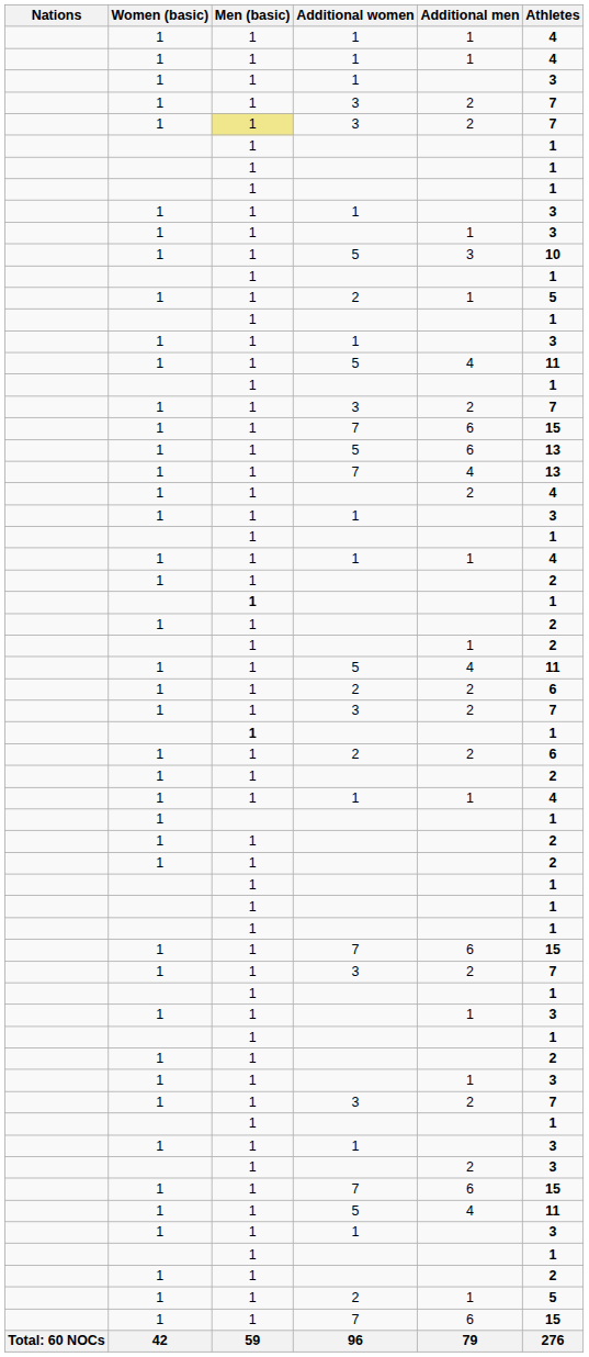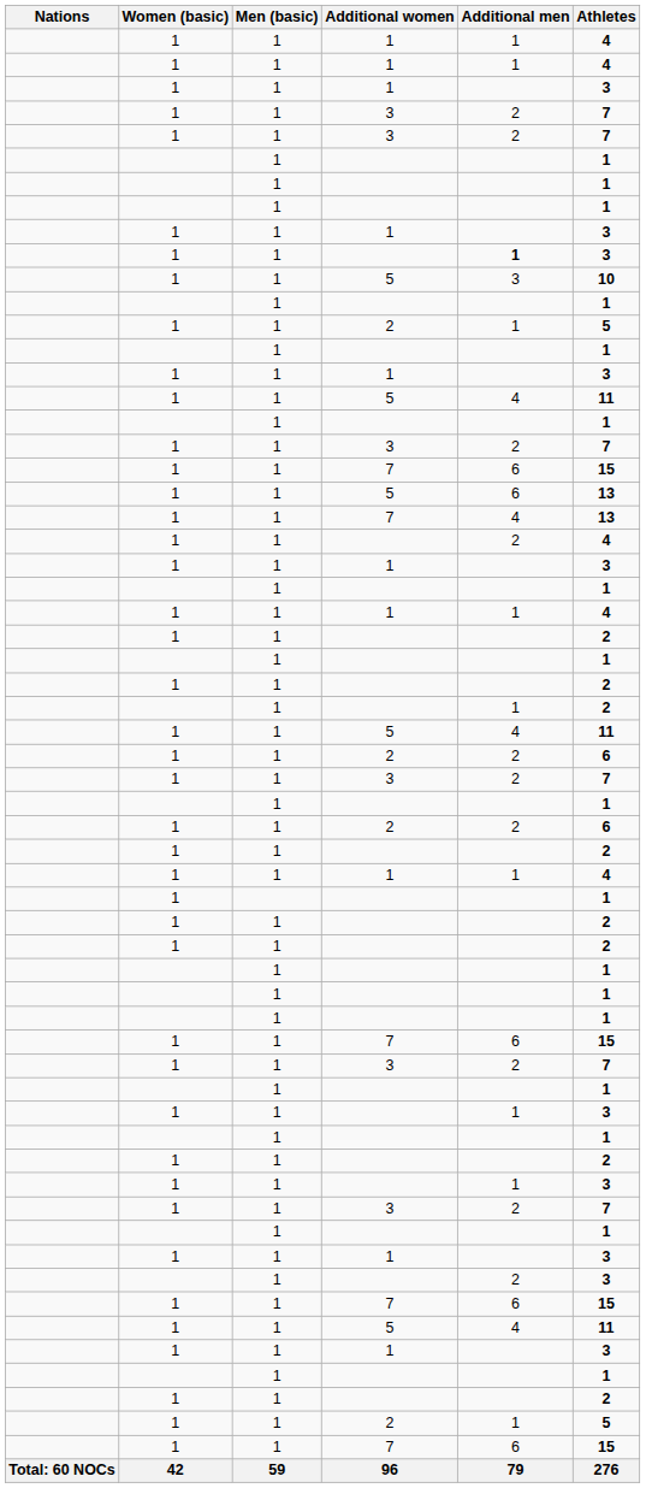 <table class="wikitable sortable" style="text-align:center;">
 <tr>
 <th>Nations</th>
 <th>Women (basic)</th>
 <th>Men (basic)</th>
 <th>Additional women</th>
 <th>Additional men</th>
 <th>Athletes</th>
 </tr>
 <tr>
 <td style="text-align:left"></td>
 <td>1</td>
 <td>1</td>
 <td>1</td>
 <td>1</td>
 <td><strong>4</strong></td>
 </tr>
 <tr>
 <td style="text-align:left"></td>
 <td>1</td>
 <td>1</td>
 <td>1</td>
 <td>1</td>
 <td><strong>4</strong></td>
 </tr>
 <tr>
 <td style="text-align:left"></td>
 <td>1</td>
 <td>1</td>
 <td>1</td>
 <td></td>
 <td><strong>3</strong></td>
 </tr>
 <tr>
 <td style="text-align:left"></td>
 <td>1</td>
 <td>1</td>
 <td>3</td>
 <td>2</td>
 <td><strong>7</strong></td>
 </tr>
 <tr>
 <td style="text-align:left"></td>
 <td>1</td>
-<td style="background: khaki;">1</td>
+<td>1</td>
 <td>3</td>
 <td>2</td>
 <td><strong>7</strong></td>
 </tr>
 <tr>
 <td style="text-align:left"></td>
 <td></td>
 <td>1</td>
 <td></td>
 <td></td>
 <td><strong>1</strong></td>
 </tr>
 <tr>
 <td style="text-align:left"></td>
 <td></td>
 <td>1</td>
 <td></td>
 <td></td>
 <td><strong>1</strong></td>
 </tr>
 <tr>
 <td style="text-align:left"></td>
 <td></td>
 <td>1</td>
 <td></td>
 <td></td>
 <td><strong>1</strong></td>
 </tr>
 <tr>
 <td style="text-align:left"></td>
 <td>1</td>
 <td>1</td>
 <td>1</td>
 <td></td>
 <td><strong>3</strong></td>
 </tr>
 <tr>
 <td style="text-align:left"></td>
 <td>1</td>
 <td>1</td>
 <td></td>
-<td>1</td>
+<td><strong>1</strong></td>
 <td><strong>3</strong></td>
 </tr>
 <tr>
 <td style="text-align:left"></td>
 <td>1</td>
 <td>1</td>
 <td>5</td>
 <td>3</td>
 <td><strong>10</strong></td>
 </tr>
 <tr>
 <td style="text-align:left"></td>
 <td></td>
 <td>1</td>
 <td></td>
 <td></td>
 <td><strong>1</strong></td>
 </tr>
 <tr>
 <td style="text-align:left"></td>
 <td>1</td>
 <td>1</td>
 <td>2</td>
 <td>1</td>
 <td><strong>5</strong></td>
 </tr>
 <tr>
 <td style="text-align:left"></td>
 <td></td>
 <td>1</td>
 <td></td>
 <td></td>
 <td><strong>1</strong></td>
 </tr>
 <tr>
 <td style="text-align:left"></td>
 <td>1</td>
 <td>1</td>
 <td>1</td>
 <td></td>
 <td><strong>3</strong></td>
 </tr>
 <tr>
 <td style="text-align:left"></td>
 <td>1</td>
 <td>1</td>
 <td>5</td>
 <td>4</td>
 <td><strong>11</strong></td>
 </tr>
 <tr>
 <td style="text-align:left"></td>
 <td></td>
 <td>1</td>
 <td></td>
 <td></td>
 <td><strong>1</strong></td>
 </tr>
 <tr>
 <td style="text-align:left"></td>
 <td>1</td>
 <td>1</td>
 <td>3</td>
 <td>2</td>
 <td><strong>7</strong></td>
 </tr>
 <tr>
 <td style="text-align:left"></td>
 <td>1</td>
 <td>1</td>
 <td>7</td>
 <td>6</td>
 <td><strong>15</strong></td>
 </tr>
 <tr>
 <td style="text-align:left"></td>
 <td>1</td>
 <td>1</td>
 <td>5</td>
 <td>6</td>
 <td><strong>13</strong></td>
 </tr>
 <tr>
 <td style="text-align:left"></td>
 <td>1</td>
 <td>1</td>
 <td>7</td>
 <td>4</td>
 <td><strong>13</strong></td>
 </tr>
 <tr>
 <td style="text-align:left"></td>
 <td>1</td>
 <td>1</td>
 <td></td>
 <td>2</td>
 <td><strong>4</strong></td>
 </tr>
 <tr>
 <td style="text-align:left"></td>
 <td>1</td>
 <td>1</td>
 <td>1</td>
 <td></td>
 <td><strong>3</strong></td>
 </tr>
 <tr>
 <td style="text-align:left"></td>
 <td></td>
 <td>1</td>
 <td></td>
 <td></td>
 <td><strong>1</strong></td>
 </tr>
 <tr>
 <td style="text-align:left"></td>
 <td>1</td>
 <td>1</td>
 <td>1</td>
 <td>1</td>
 <td><strong>4</strong></td>
 </tr>
 <tr>
 <td style="text-align:left"></td>
 <td>1</td>
 <td>1</td>
 <td></td>
 <td></td>
 <td><strong>2</strong></td>
 </tr>
 <tr>
 <td style="text-align:left"></td>
 <td></td>
-<td><strong>1</strong></td>
+<td>1</td>
 <td></td>
 <td></td>
 <td><strong>1</strong></td>
 </tr>
 <tr>
 <td style="text-align:left"></td>
 <td>1</td>
 <td>1</td>
 <td></td>
 <td></td>
 <td><strong>2</strong></td>
 </tr>
 <tr>
 <td style="text-align:left"></td>
 <td></td>
 <td>1</td>
 <td></td>
 <td>1</td>
 <td><strong>2</strong></td>
 </tr>
 <tr>
 <td style="text-align:left"></td>
 <td>1</td>
 <td>1</td>
 <td>5</td>
 <td>4</td>
 <td><strong>11</strong></td>
 </tr>
 <tr>
 <td style="text-align:left"></td>
 <td>1</td>
 <td>1</td>
 <td>2</td>
 <td>2</td>
 <td><strong>6</strong></td>
 </tr>
 <tr>
 <td style="text-align:left"></td>
 <td>1</td>
 <td>1</td>
 <td>3</td>
 <td>2</td>
 <td><strong>7</strong></td>
 </tr>
 <tr>
 <td style="text-align:left"></td>
 <td></td>
-<td><strong>1</strong></td>
+<td>1</td>
 <td></td>
 <td></td>
 <td><strong>1</strong></td>
 </tr>
 <tr>
 <td style="text-align:left"></td>
 <td>1</td>
 <td>1</td>
 <td>2</td>
 <td>2</td>
 <td><strong>6</strong></td>
 </tr>
 <tr>
 <td style="text-align:left"></td>
 <td>1</td>
 <td>1</td>
 <td></td>
 <td></td>
 <td><strong>2</strong></td>
 </tr>
 <tr>
 <td style="text-align:left"></td>
 <td>1</td>
 <td>1</td>
 <td>1</td>
 <td>1</td>
 <td><strong>4</strong></td>
 </tr>
 <tr>
 <td style="text-align:left"></td>
 <td>1</td>
 <td></td>
 <td></td>
 <td></td>
 <td><strong>1</strong></td>
 </tr>
 <tr>
 <td style="text-align:left"></td>
 <td>1</td>
 <td>1</td>
 <td></td>
 <td></td>
 <td><strong>2</strong></td>
 </tr>
 <tr>
 <td style="text-align:left"></td>
 <td>1</td>
 <td>1</td>
 <td></td>
 <td></td>
 <td><strong>2</strong></td>
 </tr>
 <tr>
 <td style="text-align:left"></td>
 <td></td>
 <td>1</td>
 <td></td>
 <td></td>
 <td><strong>1</strong></td>
 </tr>
 <tr>
 <td style="text-align:left"></td>
 <td></td>
 <td>1</td>
 <td></td>
 <td></td>
 <td><strong>1</strong></td>
 </tr>
 <tr>
 <td style="text-align:left"></td>
 <td></td>
 <td>1</td>
 <td></td>
 <td></td>
 <td><strong>1</strong></td>
 </tr>
 <tr>
 <td style="text-align:left"></td>
 <td>1</td>
 <td>1</td>
 <td>7</td>
 <td>6</td>
 <td><strong>15</strong></td>
 </tr>
 <tr>
 <td style="text-align:left"></td>
 <td>1</td>
 <td>1</td>
 <td>3</td>
 <td>2</td>
 <td><strong>7</strong></td>
 </tr>
 <tr>
 <td style="text-align:left"></td>
 <td></td>
 <td>1</td>
 <td></td>
 <td></td>
 <td><strong>1</strong></td>
 </tr>
 <tr>
 <td style="text-align:left"></td>
 <td>1</td>
 <td>1</td>
 <td></td>
 <td>1</td>
 <td><strong>3</strong></td>
 </tr>
 <tr>
 <td style="text-align:left"></td>
 <td></td>
 <td>1</td>
 <td></td>
 <td></td>
 <td><strong>1</strong></td>
 </tr>
 <tr>
 <td style="text-align:left"></td>
 <td>1</td>
 <td>1</td>
 <td></td>
 <td></td>
 <td><strong>2</strong></td>
 </tr>
 <tr>
 <td style="text-align:left"></td>
 <td>1</td>
 <td>1</td>
 <td></td>
 <td>1</td>
 <td><strong>3</strong></td>
 </tr>
 <tr>
 <td style="text-align:left"></td>
 <td>1</td>
 <td>1</td>
 <td>3</td>
 <td>2</td>
 <td><strong>7</strong></td>
 </tr>
 <tr>
 <td style="text-align:left"></td>
 <td></td>
 <td>1</td>
 <td></td>
 <td></td>
 <td><strong>1</strong></td>
 </tr>
 <tr>
 <td style="text-align:left"></td>
 <td>1</td>
 <td>1</td>
 <td>1</td>
 <td></td>
 <td><strong>3</strong></td>
 </tr>
 <tr>
 <td style="text-align:left"></td>
 <td></td>
 <td>1</td>
 <td></td>
 <td>2</td>
 <td><strong>3</strong></td>
 </tr>
 <tr>
 <td style="text-align:left"></td>
 <td>1</td>
 <td>1</td>
 <td>7</td>
 <td>6</td>
 <td><strong>15</strong></td>
 </tr>
 <tr>
 <td style="text-align:left"></td>
 <td>1</td>
 <td>1</td>
 <td>5</td>
 <td>4</td>
 <td><strong>11</strong></td>
 </tr>
 <tr>
 <td style="text-align:left"></td>
 <td>1</td>
 <td>1</td>
 <td>1</td>
 <td></td>
 <td><strong>3</strong></td>
 </tr>
 <tr>
 <td style="text-align:left"></td>
 <td></td>
 <td>1</td>
 <td></td>
 <td></td>
 <td><strong>1</strong></td>
 </tr>
 <tr>
 <td style="text-align:left"></td>
 <td>1</td>
 <td>1</td>
 <td></td>
 <td></td>
 <td><strong>2</strong></td>
 </tr>
 <tr>
 <td style="text-align:left"></td>
 <td>1</td>
 <td>1</td>
 <td>2</td>
 <td>1</td>
 <td><strong>5</strong></td>
 </tr>
 <tr>
 <td style="text-align:left"></td>
 <td>1</td>
 <td>1</td>
 <td>7</td>
 <td>6</td>
 <td><strong>15</strong></td>
 </tr>
 <tr>
 <th>Total: 60 NOCs</th>
 <th>42</th>
 <th>59</th>
 <th>96</th>
 <th>79</th>
 <th>276</th>
 </tr>
 </table>
